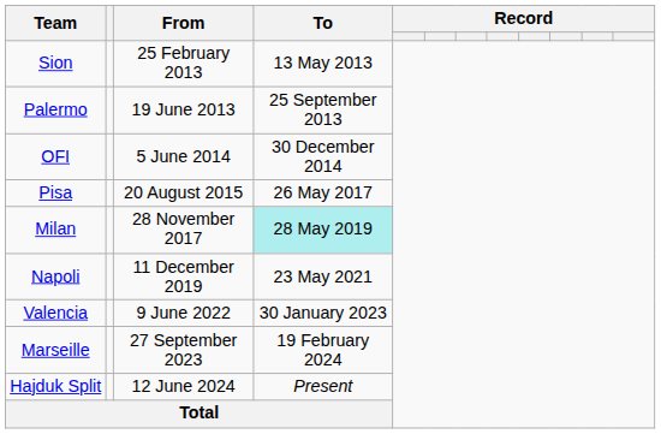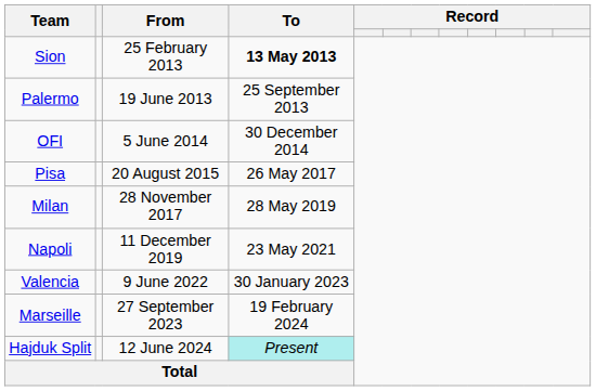 <table class="wikitable" style="text-align: center">
 <tr>
 <th rowspan=2 width="100">Team</th>
 <th rowspan=2></th>
 <th rowspan=2 width="150">From</th>
 <th rowspan=2 width="150">To</th>
 <th colspan=8>Record</th>
 </tr>
 <tr>
 <th width="35"></th>
 <th width="35"></th>
 <th width="35"></th>
 <th width="35"></th>
 <th width="35"></th>
 <th width="35"></th>
 <th width="35"></th>
 <th width="50"></th>
 </tr>
 <tr>
 <td><a href='#'>Sion</a></td>
 <td></td>
 <td>25 February 2013</td>
-<td>13 May 2013<br></td>
+<td><strong>13 May 2013<br></strong></td>
 </tr>
 <tr>
 <td><a href='#'>Palermo</a></td>
 <td></td>
 <td>19 June 2013</td>
 <td>25 September 2013<br></td>
 </tr>
 <tr>
 <td><a href='#'>OFI</a></td>
 <td></td>
 <td>5 June 2014</td>
 <td>30 December 2014<br></td>
 </tr>
 <tr>
 <td><a href='#'>Pisa</a></td>
 <td></td>
 <td>20 August 2015</td>
 <td>26 May 2017<br></td>
 </tr>
 <tr>
 <td><a href='#'>Milan</a></td>
 <td></td>
 <td>28 November 2017</td>
-<td style="background: paleturquoise;">28 May 2019<br></td>
+<td>28 May 2019<br></td>
 </tr>
 <tr>
 <td><a href='#'>Napoli</a></td>
 <td></td>
 <td>11 December 2019</td>
 <td>23 May 2021<br></td>
 </tr>
 <tr>
 <td><a href='#'>Valencia</a></td>
 <td></td>
 <td>9 June 2022</td>
 <td>30 January 2023<br></td>
 </tr>
 <tr>
 <td><a href='#'>Marseille</a></td>
 <td></td>
 <td>27 September 2023</td>
 <td>19 February 2024<br></td>
 </tr>
 <tr>
 <td><a href='#'>Hajduk Split</a></td>
 <td></td>
 <td>12 June 2024</td>
-<td><em>Present</em><br></td>
+<td style="background: paleturquoise;"><em>Present</em><br></td>
 </tr>
 <tr>
 <th colspan="4">Total<br></th>
 </tr>
 </table>
